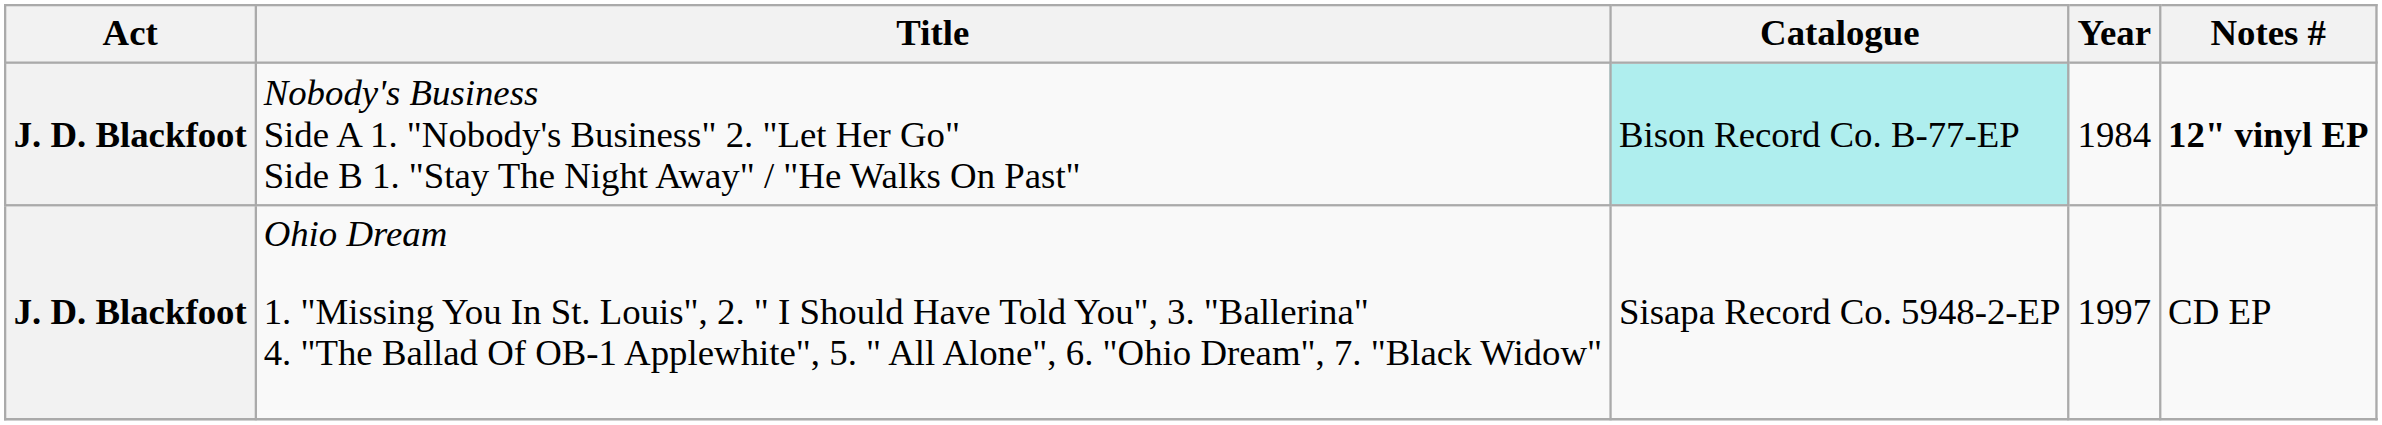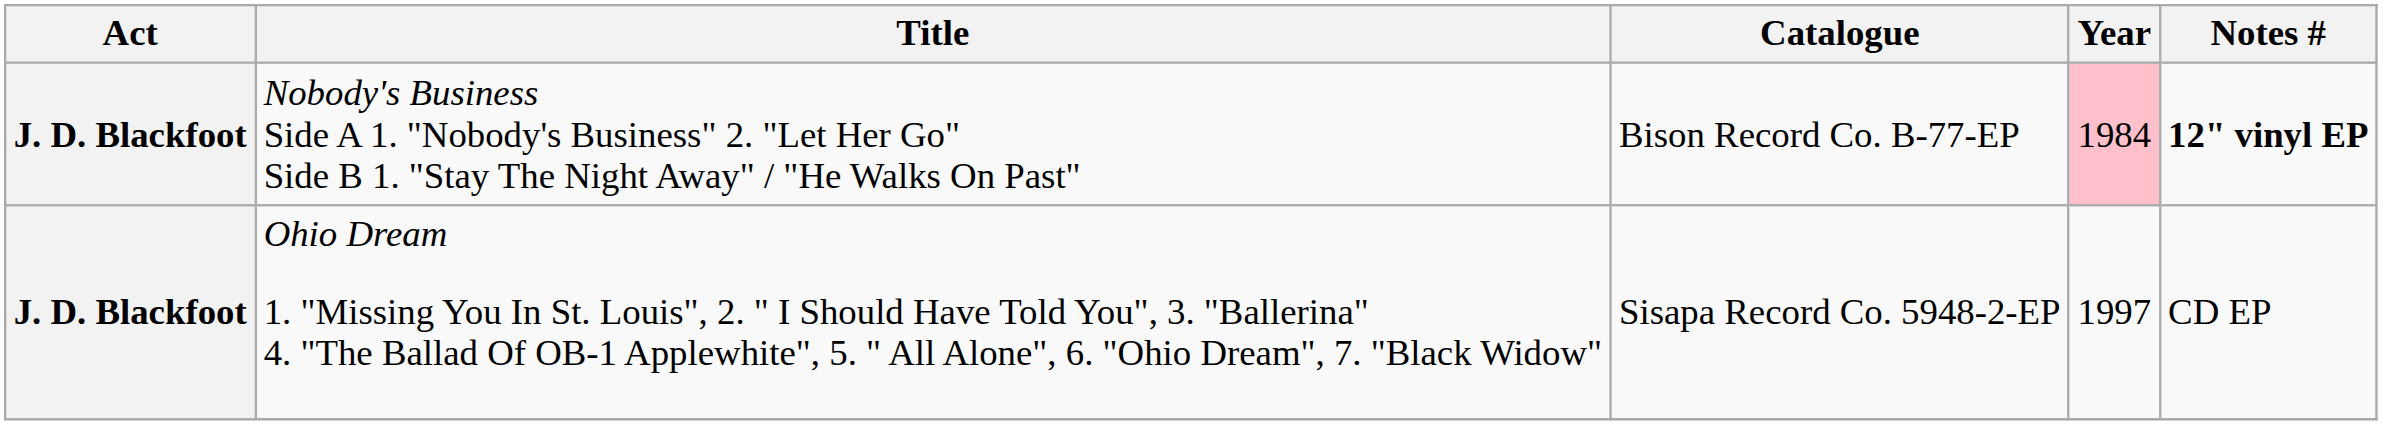 <table class="wikitable plainrowheaders sortable">
 <tr>
 <th scope="col">Act</th>
 <th scope="col">Title</th>
 <th scope="col">Catalogue</th>
 <th scope="col">Year</th>
 <th scope="col" class="unsortable">Notes #</th>
 </tr>
 <tr>
 <th scope="row">J. D. Blackfoot</th>
 <td><em>Nobody's Business</em><br>Side A 1. "Nobody's Business" 2. "Let Her Go"<br>Side B 1. "Stay The Night Away" / "He Walks On Past"</td>
-<td style="background: paleturquoise;">Bison Record Co. B-77-EP</td>
-<td>1984</td>
+<td>Bison Record Co. B-77-EP</td>
+<td style="background: pink;">1984</td>
 <td><strong>12" vinyl EP</strong></td>
 </tr>
 <tr>
 <th scope="row">J. D. Blackfoot</th>
 <td><em>Ohio Dream</em><p>1. "Missing You In St. Louis", 2. " I Should Have Told You", 3. "Ballerina"<br>4. "The Ballad Of OB-1 Applewhite", 5. " All Alone",  6. "Ohio Dream",  7. "Black Widow"</p></td>
 <td>Sisapa Record Co. 5948-2-EP</td>
 <td>1997</td>
 <td>CD EP</td>
 </tr>
 <tr>
 </tr>
 </table>
